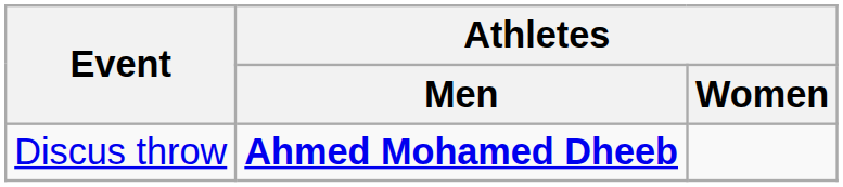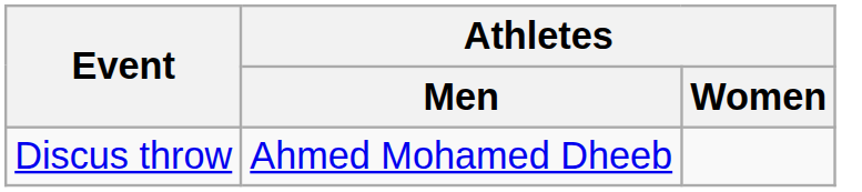 <table class=wikitable style="font-size:90%">
 <tr>
 <th rowspan=2>Event</th>
 <th colspan=2>Athletes</th>
 </tr>
 <tr>
 <th>Men</th>
 <th>Women</th>
 </tr>
 <tr>
 <td><a href='#'>Discus throw</a></td>
-<td><strong><a href='#'>Ahmed Mohamed Dheeb</a></strong></td>
+<td><a href='#'>Ahmed Mohamed Dheeb</a></td>
 <td></td>
 </tr>
 </table>
